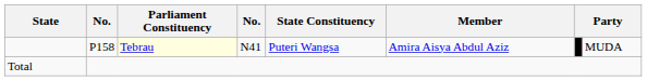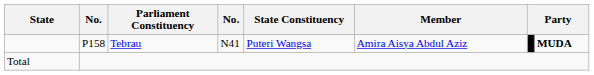 <table class ="wikitable sortable">
 <tr>
 <th style="width:100px;">State</th>
 <th style="width:30px;">No.</th>
 <th style="width:150px;">Parliament Constituency</th>
 <th style="width:30px;">No.</th>
 <th style="width:150px;">State Constituency</th>
 <th style="width:240px;">Member</th>
 <th style="width:80px;" colspan=2>Party</th>
 </tr>
 <tr>
 <td></td>
 <td>P158</td>
-<td style="background: lightyellow;"><a href='#'>Tebrau</a></td>
+<td><a href='#'>Tebrau</a></td>
 <td>N41</td>
 <td><a href='#'>Puteri Wangsa</a></td>
 <td><a href='#'>Amira Aisya Abdul Aziz</a></td>
 <td bgcolor="#000000"></td>
-<td>MUDA</td>
+<td><strong>MUDA</strong></td>
 </tr>
 <tr>
 <td>Total</td>
 <td style="width:30px;" colspan=7></td>
 </tr>
 </table>
